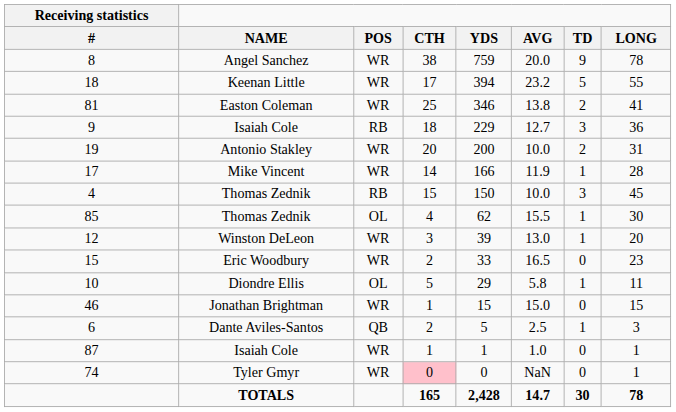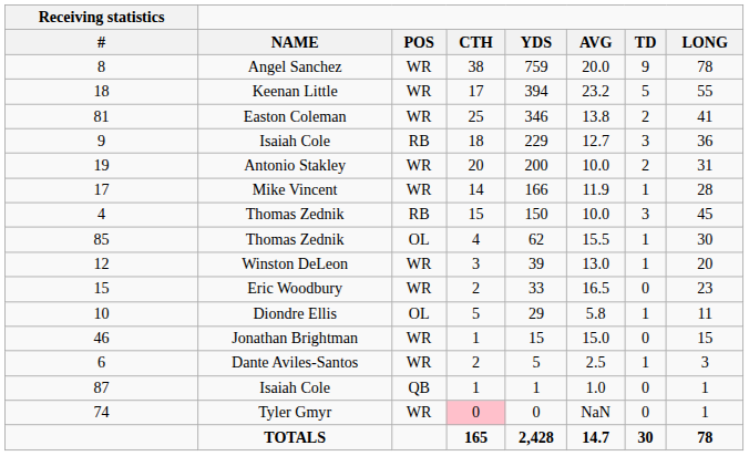 <table style="width:60%; text-align:center;" class="wikitable collapsible collapsed">
 <tr>
 <th style="text-align:center; ">Receiving statistics</th>
 </tr>
 <tr>
 <th>#</th>
 <th>NAME</th>
 <th>POS</th>
 <th>CTH</th>
 <th>YDS</th>
 <th>AVG</th>
 <th>TD</th>
 <th>LONG</th>
 </tr>
 <tr>
 <td>8</td>
 <td>Angel Sanchez</td>
 <td>WR</td>
 <td>38</td>
 <td>759</td>
 <td>20.0</td>
 <td>9</td>
 <td>78</td>
 </tr>
 <tr>
 <td>18</td>
 <td>Keenan Little</td>
 <td>WR</td>
 <td>17</td>
 <td>394</td>
 <td>23.2</td>
 <td>5</td>
 <td>55</td>
 </tr>
 <tr>
 <td>81</td>
 <td>Easton Coleman</td>
 <td>WR</td>
 <td>25</td>
 <td>346</td>
 <td>13.8</td>
 <td>2</td>
 <td>41</td>
 </tr>
 <tr>
 <td>9</td>
 <td>Isaiah Cole</td>
 <td>RB</td>
 <td>18</td>
 <td>229</td>
 <td>12.7</td>
 <td>3</td>
 <td>36</td>
 </tr>
 <tr>
 <td>19</td>
 <td>Antonio Stakley</td>
 <td>WR</td>
 <td>20</td>
 <td>200</td>
 <td>10.0</td>
 <td>2</td>
 <td>31</td>
 </tr>
 <tr>
 <td>17</td>
 <td>Mike Vincent</td>
 <td>WR</td>
 <td>14</td>
 <td>166</td>
 <td>11.9</td>
 <td>1</td>
 <td>28</td>
 </tr>
 <tr>
 <td>4</td>
 <td>Thomas Zednik</td>
 <td>RB</td>
 <td>15</td>
 <td>150</td>
 <td>10.0</td>
 <td>3</td>
 <td>45</td>
 </tr>
 <tr>
 <td>85</td>
 <td>Thomas Zednik</td>
 <td>OL</td>
 <td>4</td>
 <td>62</td>
 <td>15.5</td>
 <td>1</td>
 <td>30</td>
 </tr>
 <tr>
 <td>12</td>
 <td>Winston DeLeon</td>
 <td>WR</td>
 <td>3</td>
 <td>39</td>
 <td>13.0</td>
 <td>1</td>
 <td>20</td>
 </tr>
 <tr>
 <td>15</td>
 <td>Eric Woodbury</td>
 <td>WR</td>
 <td>2</td>
 <td>33</td>
 <td>16.5</td>
 <td>0</td>
 <td>23</td>
 </tr>
 <tr>
 <td>10</td>
 <td>Diondre Ellis</td>
 <td>OL</td>
 <td>5</td>
 <td>29</td>
 <td>5.8</td>
 <td>1</td>
 <td>11</td>
 </tr>
 <tr>
 <td>46</td>
 <td>Jonathan Brightman</td>
 <td>WR</td>
 <td>1</td>
 <td>15</td>
 <td>15.0</td>
 <td>0</td>
 <td>15</td>
 </tr>
 <tr>
 <td>6</td>
 <td>Dante Aviles-Santos</td>
-<td>QB</td>
+<td>WR</td>
 <td>2</td>
 <td>5</td>
 <td>2.5</td>
 <td>1</td>
 <td>3</td>
 </tr>
 <tr>
 <td>87</td>
 <td>Isaiah Cole</td>
-<td>WR</td>
+<td>QB</td>
 <td>1</td>
 <td>1</td>
 <td>1.0</td>
 <td>0</td>
 <td>1</td>
 </tr>
 <tr>
 <td>74</td>
 <td>Tyler Gmyr</td>
 <td>WR</td>
 <td style="background: pink;">0</td>
 <td>0</td>
 <td>NaN</td>
 <td>0</td>
 <td>1</td>
 </tr>
 <tr>
 <td></td>
 <td><strong>TOTALS</strong></td>
 <td></td>
 <td><strong>165</strong></td>
 <td><strong>2,428</strong></td>
 <td><strong>14.7</strong></td>
 <td><strong>30</strong></td>
 <td><strong>78</strong></td>
 </tr>
 </table>
